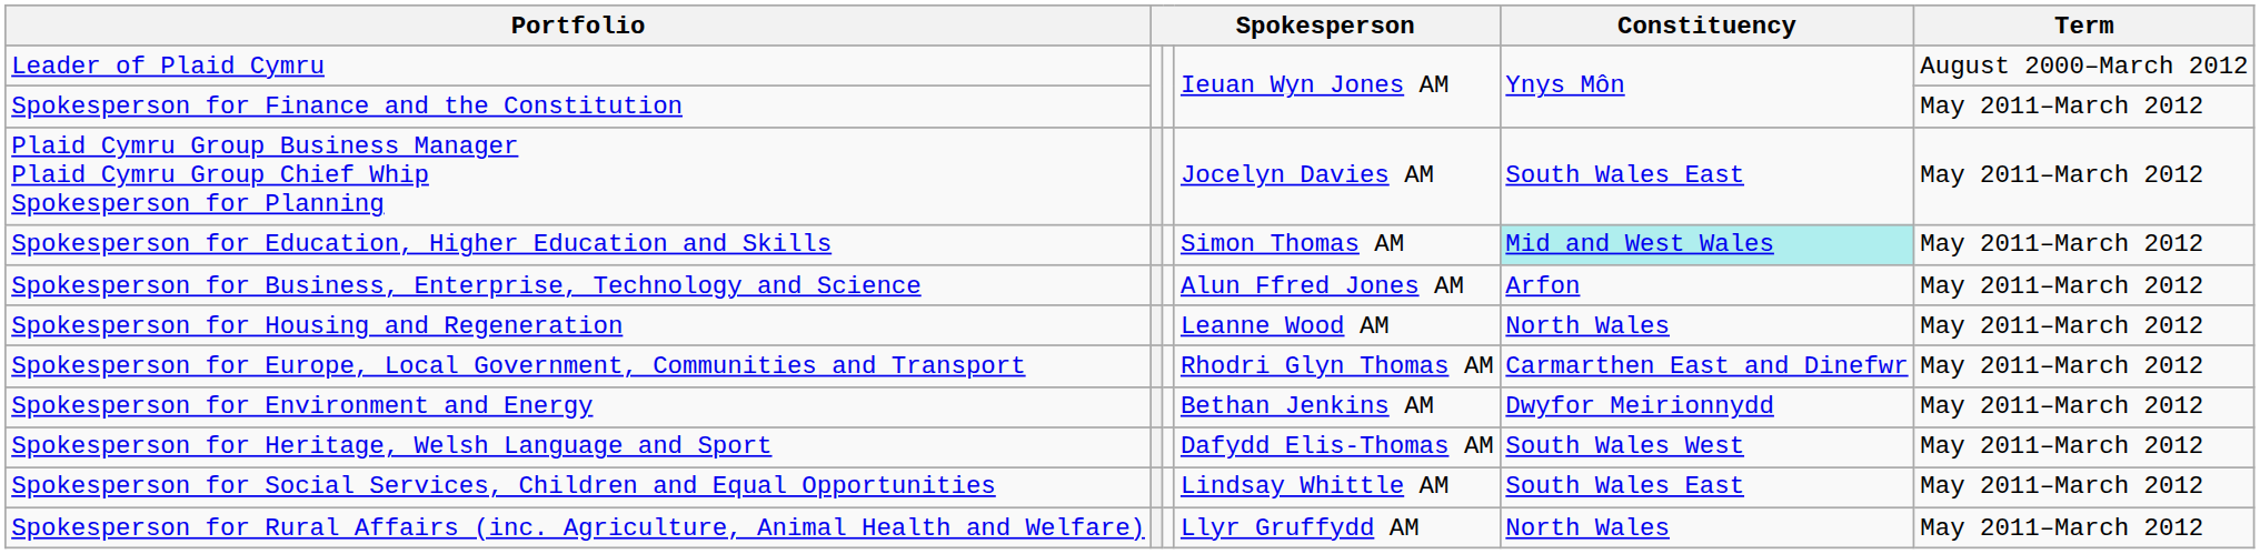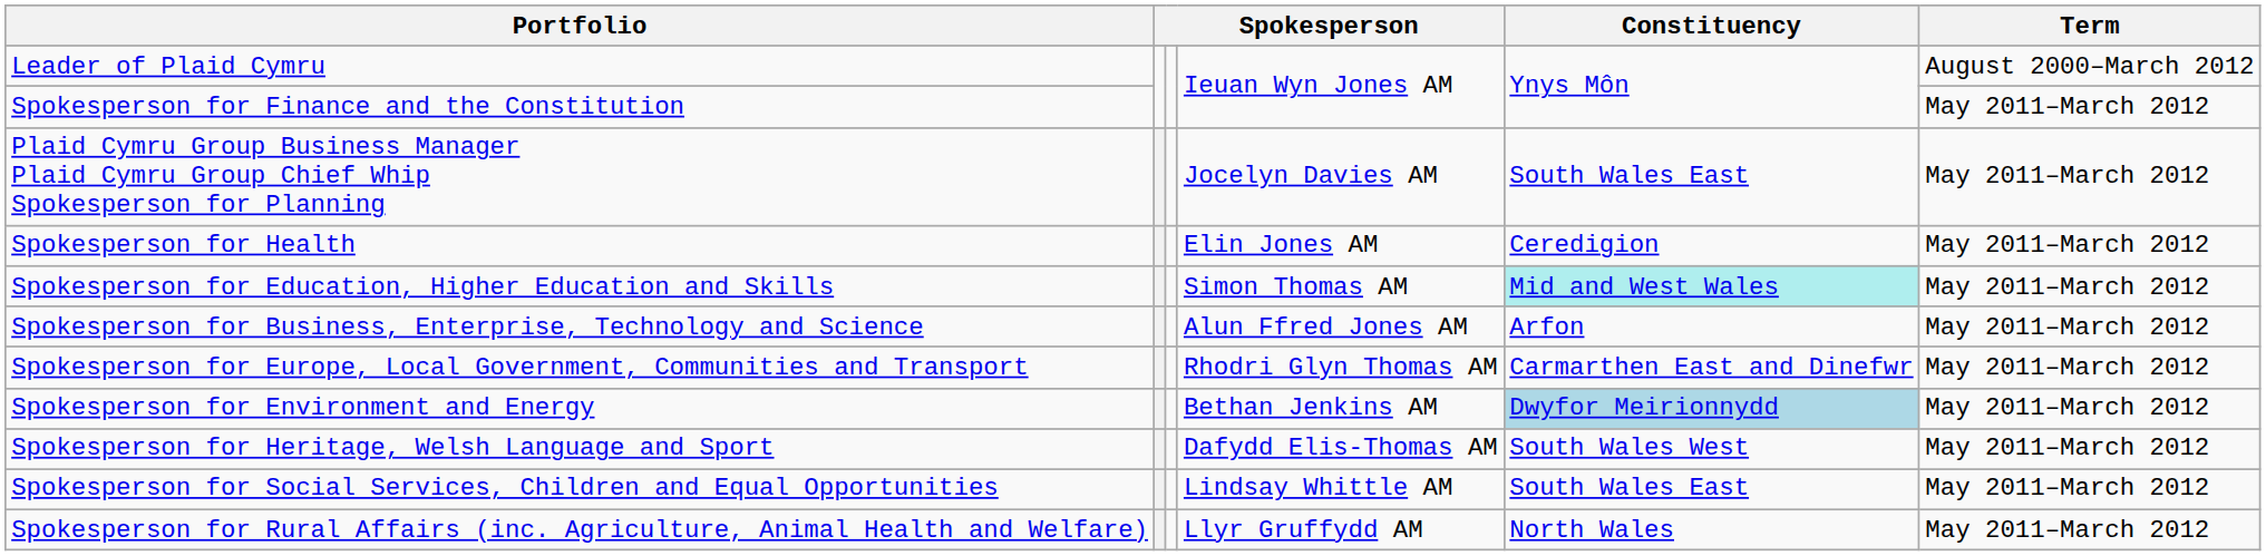 <table class="wikitable">
 <tr>
 <th colspan="1">Portfolio</th>
 <th colspan="3">Spokesperson</th>
 <th colspan="1">Constituency</th>
 <th colspan="1">Term</th>
 </tr>
 <tr>
 <td><a href='#'>Leader of Plaid Cymru</a></td>
 <td rowspan="2" style="background: "></td>
 <td rowspan="2"></td>
 <td rowspan="2"><a href='#'>Ieuan Wyn Jones</a> AM</td>
 <td rowspan="2"><a href='#'>Ynys Môn</a></td>
 <td>August 2000–March 2012</td>
 </tr>
 <tr>
 <td><a href='#'>Spokesperson for Finance and the Constitution</a></td>
 <td>May 2011–March 2012</td>
 </tr>
 <tr>
 <td><a href='#'>Plaid Cymru Group Business Manager</a><br><a href='#'>Plaid Cymru Group Chief Whip</a><br><a href='#'>Spokesperson for Planning</a></td>
 <th style="background: "></th>
 <td></td>
 <td><a href='#'>Jocelyn Davies</a> AM</td>
 <td><a href='#'>South Wales East</a></td>
 <td>May 2011–March 2012</td>
 </tr>
 <tr>
+<td><a href='#'>Spokesperson for Health</a></td>
+<th style="background-color: "></th>
+<td></td>
+<td><a href='#'>Elin Jones</a> AM</td>
+<td><a href='#'>Ceredigion</a></td>
+<td>May 2011–March 2012</td>
+</tr>
+<tr>
 <td><a href='#'>Spokesperson for Education, Higher Education and Skills</a></td>
 <th style="background-color: "></th>
 <td></td>
 <td><a href='#'>Simon Thomas</a> AM</td>
 <td style="background: paleturquoise;"><a href='#'>Mid and West Wales</a></td>
 <td>May 2011–March 2012</td>
 </tr>
 <tr>
 <td><a href='#'>Spokesperson for Business, Enterprise, Technology and Science</a></td>
 <th style="background-color: "></th>
 <td></td>
 <td><a href='#'>Alun Ffred Jones</a> AM</td>
 <td><a href='#'>Arfon</a></td>
 <td>May 2011–March 2012</td>
 </tr>
 <tr>
-<td><a href='#'>Spokesperson for Housing and Regeneration</a></td>
-<th style="background-color: "></th>
-<td></td>
-<td><a href='#'>Leanne Wood</a> AM</td>
-<td><a href='#'>North Wales</a></td>
-<td>May 2011–March 2012</td>
-</tr>
-<tr>
 <td><a href='#'>Spokesperson for Europe, Local Government, Communities and Transport</a></td>
 <th style="background-color: "></th>
 <td></td>
 <td><a href='#'>Rhodri Glyn Thomas</a> AM</td>
 <td><a href='#'>Carmarthen East and Dinefwr</a></td>
 <td>May 2011–March 2012</td>
 </tr>
 <tr>
 <td><a href='#'>Spokesperson for Environment and Energy</a></td>
 <th style="background-color: "></th>
 <td></td>
 <td><a href='#'>Bethan Jenkins</a> AM</td>
-<td><a href='#'>Dwyfor Meirionnydd</a></td>
+<td style="background: lightblue;"><a href='#'>Dwyfor Meirionnydd</a></td>
 <td>May 2011–March 2012</td>
 </tr>
 <tr>
 <td><a href='#'>Spokesperson for Heritage, Welsh Language and Sport</a></td>
 <th style="background-color: "></th>
 <td></td>
 <td><a href='#'>Dafydd Elis-Thomas</a> AM</td>
 <td><a href='#'>South Wales West</a></td>
 <td>May 2011–March 2012</td>
 </tr>
 <tr>
 <td><a href='#'>Spokesperson for Social Services, Children and Equal Opportunities</a></td>
 <th style="background-color: "></th>
 <td></td>
 <td><a href='#'>Lindsay Whittle</a> AM</td>
 <td><a href='#'>South Wales East</a></td>
 <td>May 2011–March 2012</td>
 </tr>
 <tr>
 <td><a href='#'>Spokesperson for Rural Affairs (inc. Agriculture, Animal Health and Welfare)</a></td>
 <th style="background-color: "></th>
 <td></td>
 <td><a href='#'>Llyr Gruffydd</a> AM</td>
 <td><a href='#'>North Wales</a></td>
 <td>May 2011–March 2012</td>
 </tr>
 </table>
